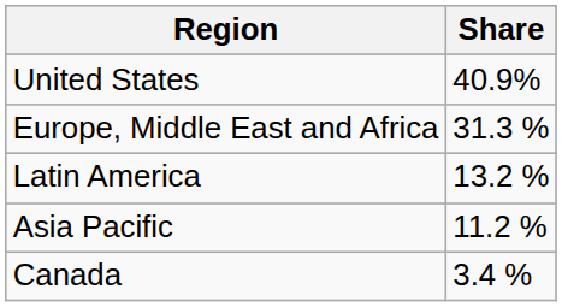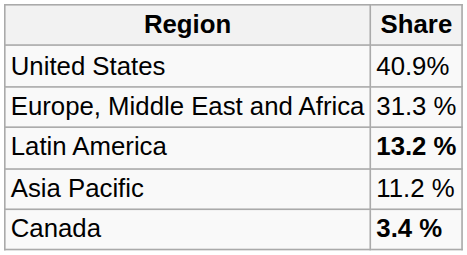 <table class="wikitable floatright">
 <tr>
 <th>Region</th>
 <th>Share</th>
 </tr>
 <tr>
 <td>United States</td>
 <td>40.9%</td>
 </tr>
 <tr>
 <td>Europe, Middle East and Africa</td>
 <td>31.3 %</td>
 </tr>
 <tr>
 <td>Latin America</td>
-<td>13.2 %</td>
+<td><strong>13.2 %</strong></td>
 </tr>
 <tr>
 <td>Asia Pacific</td>
 <td>11.2 %</td>
 </tr>
 <tr>
 <td>Canada</td>
-<td>3.4 %</td>
+<td><strong>3.4 %</strong></td>
 </tr>
 </table>
